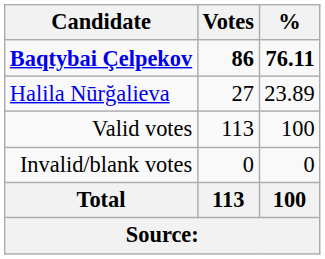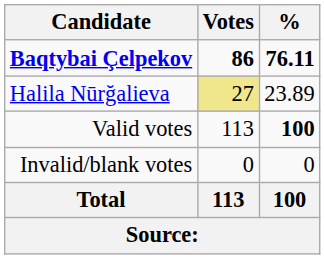 <table class="wikitable" style="text-align:right">
 <tr>
 <th>Candidate</th>
 <th>Votes</th>
 <th>%</th>
 </tr>
 <tr>
 <td align="left"><strong><a href='#'>Baqtybai Çelpekov</a></strong></td>
 <td><strong>86</strong></td>
 <td><strong>76.11</strong></td>
 </tr>
 <tr>
 <td align="left"><a href='#'>Halila Nūrğalieva</a></td>
-<td>27</td>
+<td style="background: khaki;">27</td>
 <td>23.89</td>
 </tr>
 <tr>
 <td>Valid votes</td>
 <td>113</td>
-<td>100</td>
+<td><strong>100</strong></td>
 </tr>
 <tr>
 <td>Invalid/blank votes</td>
 <td>0</td>
 <td>0</td>
 </tr>
 <tr>
 <th>Total</th>
 <th>113</th>
 <th>100</th>
 </tr>
 <tr>
 <th colspan="3">Source: </th>
 </tr>
 </table>
